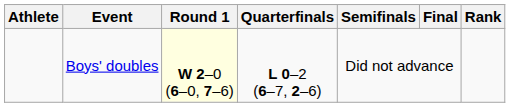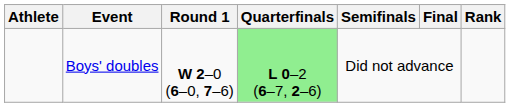 <table class=wikitable style="font-size:90%">
 <tr>
 <th>Athlete</th>
 <th>Event</th>
 <th>Round 1</th>
 <th>Quarterfinals</th>
 <th>Semifinals</th>
 <th>Final</th>
 <th>Rank</th>
 </tr>
 <tr>
 <td> <br></td>
 <td><a href='#'>Boys' doubles</a></td>
-<td align=center style="background: lightyellow;"><br><br><strong>W</strong> <strong>2</strong>–0<br> (<strong>6</strong>–0, <strong>7</strong>–6)</td>
-<td align=center><br><br><strong>L</strong> <strong>0</strong>–2<br> (<strong>6</strong>–7, <strong>2</strong>–6)</td>
+<td align=center><br><br><strong>W</strong> <strong>2</strong>–0<br> (<strong>6</strong>–0, <strong>7</strong>–6)</td>
+<td align=center style="background: lightgreen;"><br><br><strong>L</strong> <strong>0</strong>–2<br> (<strong>6</strong>–7, <strong>2</strong>–6)</td>
 <td colspan=2 align=center>Did not advance</td>
 <td align=center></td>
 </tr>
 </table>
